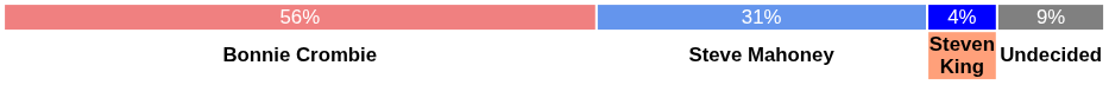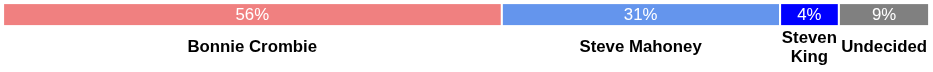 <table style="width:100%; text-align:center;">
 <tr style="color:white;">
 <td style="background:lightcoral; width:56%;">56%</td>
 <td style="background:cornflowerblue; width:31%;">31%</td>
 <td style="background:blue; width:4%;">4%</td>
 <td style="background:gray; width:9%;">9%</td>
 </tr>
 <tr>
 <td><span><strong>Bonnie Crombie</strong></span></td>
 <td><span><strong>Steve Mahoney</strong></span></td>
-<td style="background: lightsalmon;"><span><strong>Steven King</strong></span></td>
+<td><span><strong>Steven King</strong></span></td>
 <td><span><strong>Undecided</strong></span></td>
 </tr>
 </table>
